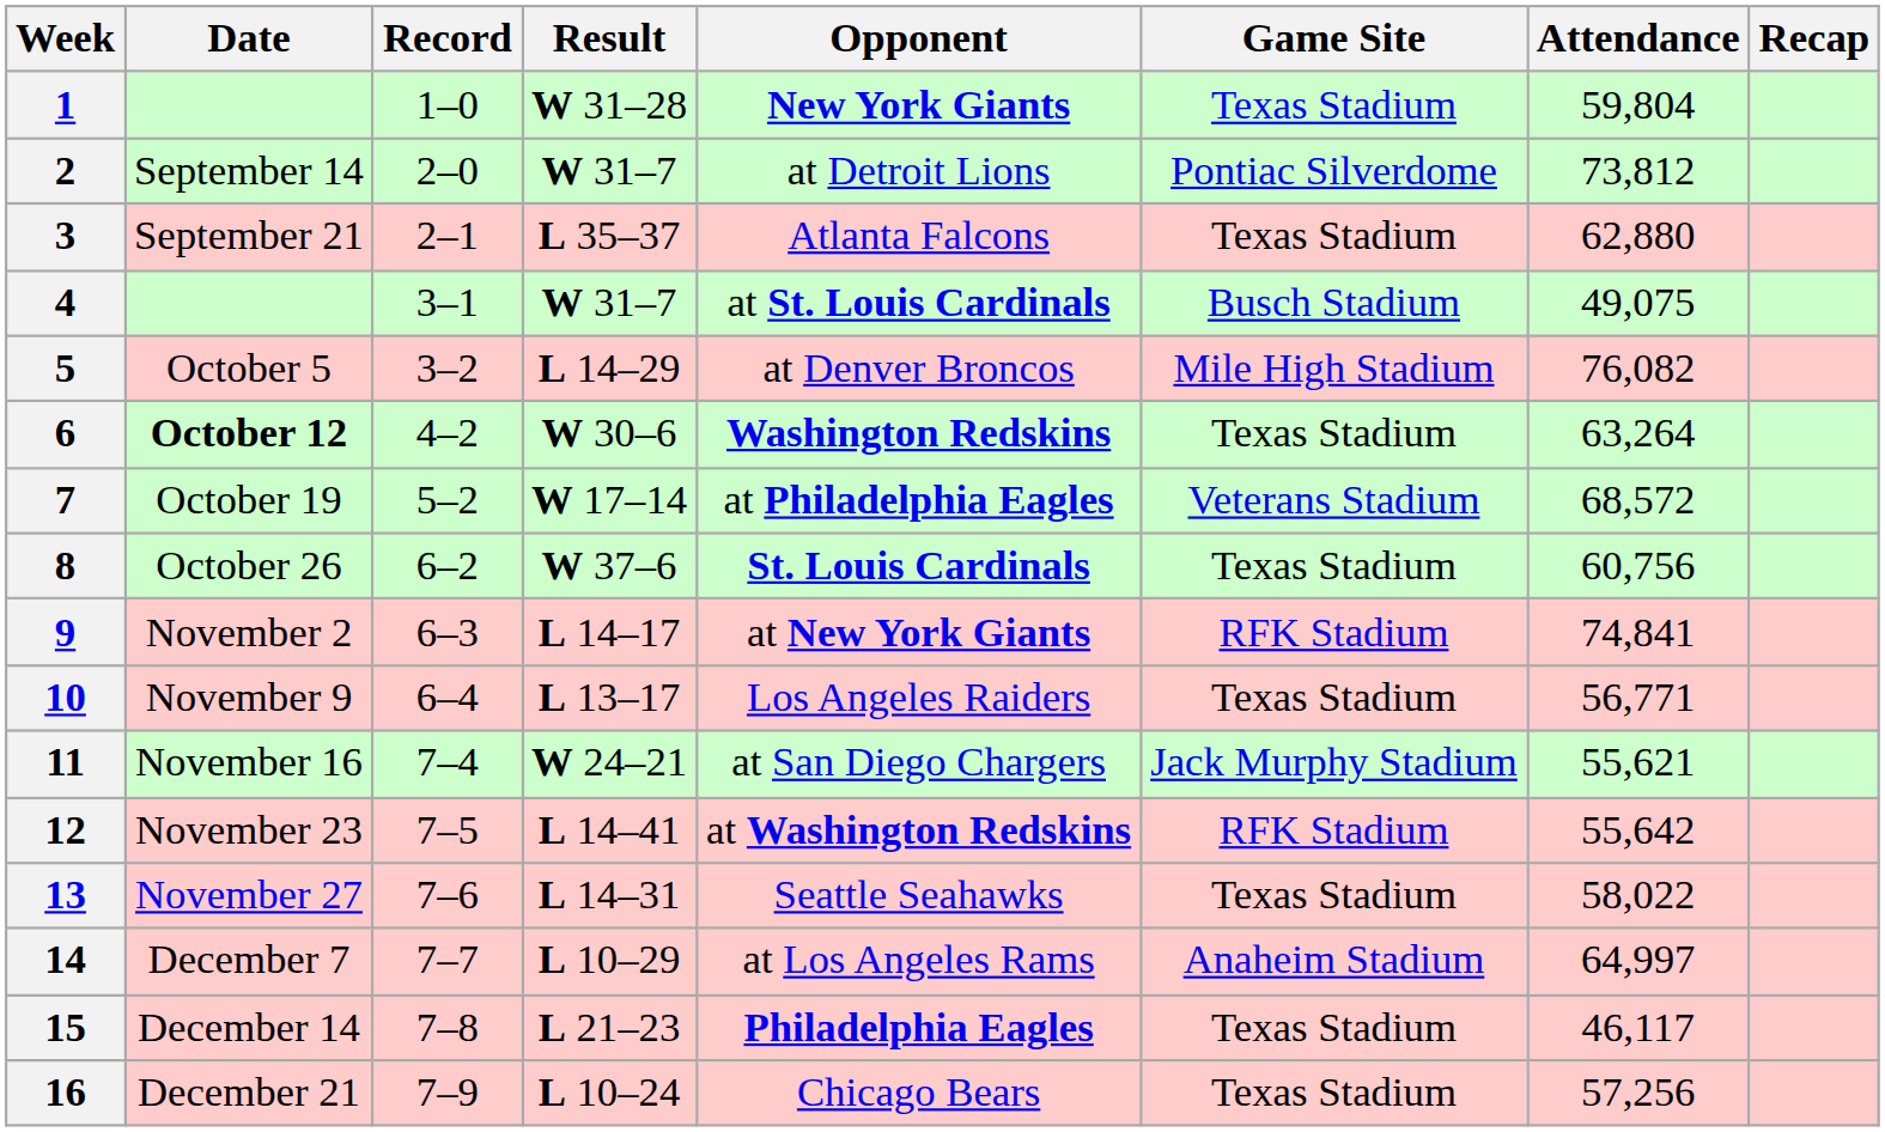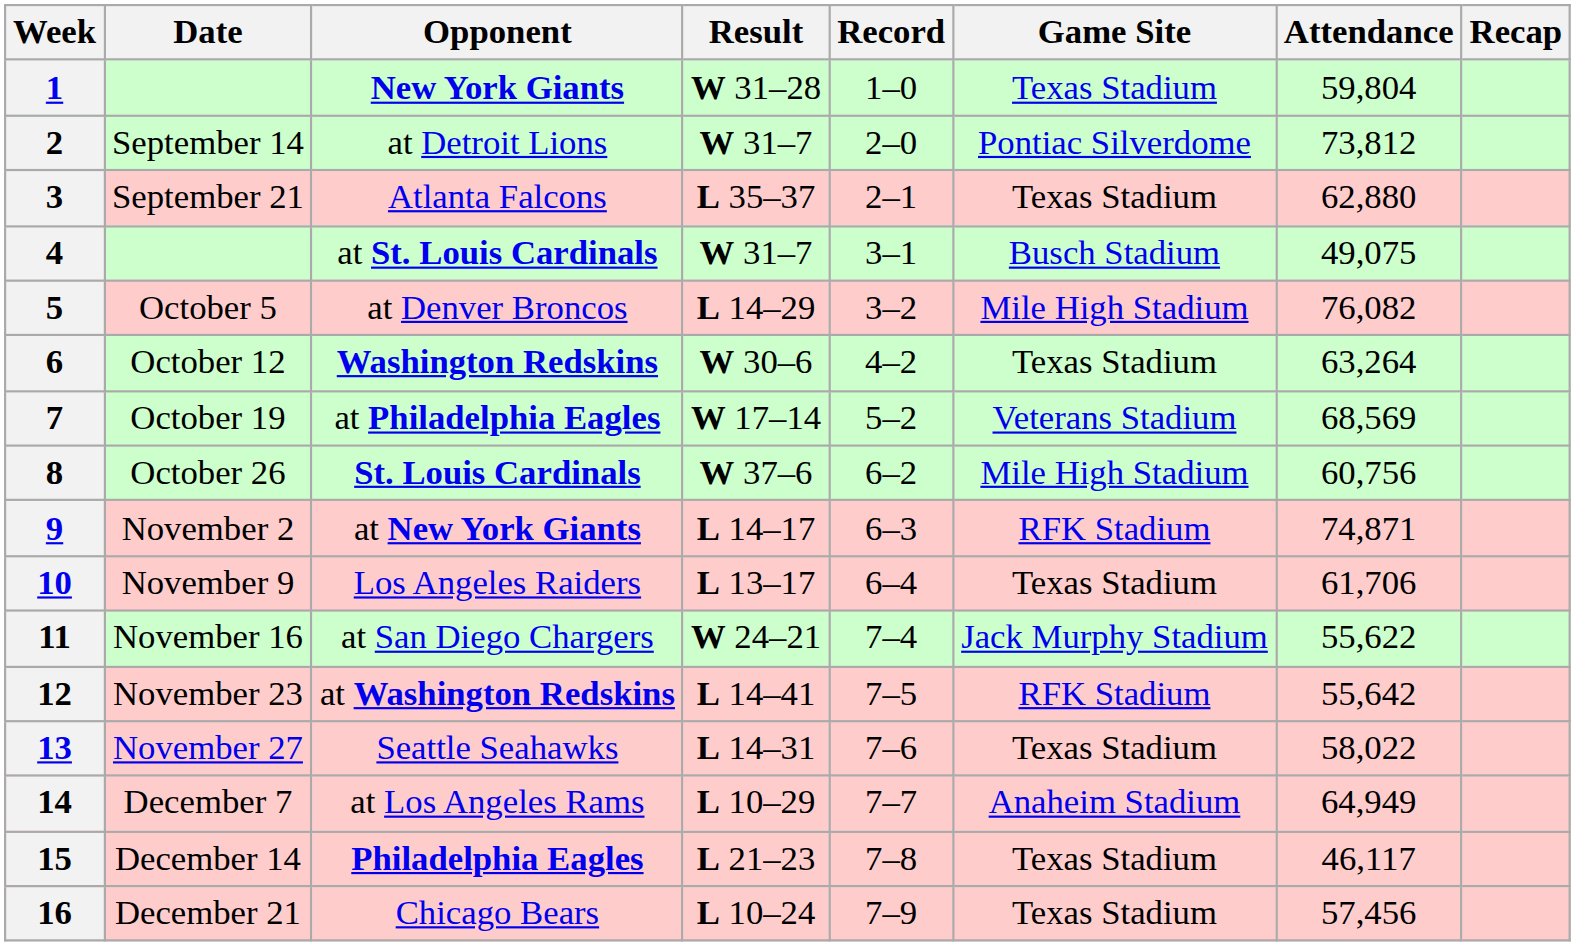 <table class="wikitable" style="text-align:center">
 <tr>
 <th>Week</th>
 <th>Date</th>
+<th>Opponent</th>
+<th>Result</th>
 <th>Record</th>
-<th>Result</th>
-<th>Opponent</th>
 <th>Game Site</th>
 <th>Attendance</th>
 <th>Recap</th>
 </tr>
 <tr style="background: #cfc">
 <th><a href='#'>1</a></th>
 <td></td>
+<td><strong><a href='#'>New York Giants</a></strong></td>
+<td><strong>W</strong> 31–28</td>
 <td>1–0</td>
-<td><strong>W</strong> 31–28</td>
-<td><strong><a href='#'>New York Giants</a></strong></td>
 <td><a href='#'>Texas Stadium</a></td>
 <td>59,804</td>
 <td></td>
 </tr>
 <tr style="background: #cfc">
 <th>2</th>
 <td>September 14</td>
+<td>at <a href='#'>Detroit Lions</a></td>
+<td><strong>W</strong> 31–7</td>
 <td>2–0</td>
-<td><strong>W</strong> 31–7</td>
-<td>at <a href='#'>Detroit Lions</a></td>
 <td><a href='#'>Pontiac Silverdome</a></td>
 <td>73,812</td>
 <td></td>
 </tr>
 <tr style="background: #fcc">
 <th>3</th>
 <td>September 21</td>
+<td><a href='#'>Atlanta Falcons</a></td>
+<td><strong>L</strong> 35–37</td>
 <td>2–1</td>
-<td><strong>L</strong> 35–37</td>
-<td><a href='#'>Atlanta Falcons</a></td>
 <td>Texas Stadium</td>
 <td>62,880</td>
 <td></td>
 </tr>
 <tr style="background: #cfc">
 <th>4</th>
 <td></td>
+<td>at <strong><a href='#'>St. Louis Cardinals</a></strong></td>
+<td><strong>W</strong> 31–7</td>
 <td>3–1</td>
-<td><strong>W</strong> 31–7</td>
-<td>at <strong><a href='#'>St. Louis Cardinals</a></strong></td>
 <td><a href='#'>Busch Stadium</a></td>
 <td>49,075</td>
 <td></td>
 </tr>
 <tr style="background: #fcc">
 <th>5</th>
 <td>October 5</td>
+<td>at <a href='#'>Denver Broncos</a></td>
+<td><strong>L</strong> 14–29</td>
 <td>3–2</td>
-<td><strong>L</strong> 14–29</td>
-<td>at <a href='#'>Denver Broncos</a></td>
 <td><a href='#'>Mile High Stadium</a></td>
 <td>76,082</td>
 <td></td>
 </tr>
 <tr style="background: #cfc">
 <th>6</th>
-<td><strong>October 12</strong></td>
+<td>October 12</td>
+<td><strong><a href='#'>Washington Redskins</a></strong></td>
+<td><strong>W</strong> 30–6</td>
 <td>4–2</td>
-<td><strong>W</strong> 30–6</td>
-<td><strong><a href='#'>Washington Redskins</a></strong></td>
 <td>Texas Stadium</td>
 <td>63,264</td>
 <td></td>
 </tr>
 <tr style="background: #cfc">
 <th>7</th>
 <td>October 19</td>
+<td>at <strong><a href='#'>Philadelphia Eagles</a></strong></td>
+<td><strong>W</strong> 17–14</td>
 <td>5–2</td>
-<td><strong>W</strong> 17–14</td>
-<td>at <strong><a href='#'>Philadelphia Eagles</a></strong></td>
 <td><a href='#'>Veterans Stadium</a></td>
-<td>68,572</td>
+<td>68,569</td>
 <td></td>
 </tr>
 <tr style="background: #cfc">
 <th>8</th>
 <td>October 26</td>
+<td><strong><a href='#'>St. Louis Cardinals</a></strong></td>
+<td><strong>W</strong> 37–6</td>
 <td>6–2</td>
-<td><strong>W</strong> 37–6</td>
-<td><strong><a href='#'>St. Louis Cardinals</a></strong></td>
-<td>Texas Stadium</td>
+<td><a href='#'>Mile High Stadium</a></td>
 <td>60,756</td>
 <td></td>
 </tr>
 <tr style="background: #fcc">
 <th><a href='#'>9</a></th>
 <td>November 2</td>
+<td>at <strong><a href='#'>New York Giants</a></strong></td>
+<td><strong>L</strong> 14–17</td>
 <td>6–3</td>
-<td><strong>L</strong> 14–17</td>
-<td>at <strong><a href='#'>New York Giants</a></strong></td>
 <td><a href='#'>RFK Stadium</a></td>
-<td>74,841</td>
+<td>74,871</td>
 <td></td>
 </tr>
 <tr style="background: #fcc">
 <th><a href='#'>10</a></th>
 <td>November 9</td>
+<td><a href='#'>Los Angeles Raiders</a></td>
+<td><strong>L</strong> 13–17</td>
 <td>6–4</td>
-<td><strong>L</strong> 13–17</td>
-<td><a href='#'>Los Angeles Raiders</a></td>
 <td>Texas Stadium</td>
-<td>56,771</td>
+<td>61,706</td>
 <td></td>
 </tr>
 <tr style="background: #cfc">
 <th>11</th>
 <td>November 16</td>
+<td>at <a href='#'>San Diego Chargers</a></td>
+<td><strong>W</strong> 24–21</td>
 <td>7–4</td>
-<td><strong>W</strong> 24–21</td>
-<td>at <a href='#'>San Diego Chargers</a></td>
 <td><a href='#'>Jack Murphy Stadium</a></td>
-<td>55,621</td>
+<td>55,622</td>
 <td></td>
 </tr>
 <tr style="background: #fcc">
 <th>12</th>
 <td>November 23</td>
+<td>at <strong><a href='#'>Washington Redskins</a></strong></td>
+<td><strong>L</strong> 14–41</td>
 <td>7–5</td>
-<td><strong>L</strong> 14–41</td>
-<td>at <strong><a href='#'>Washington Redskins</a></strong></td>
 <td><a href='#'>RFK Stadium</a></td>
 <td>55,642</td>
 <td></td>
 </tr>
 <tr style="background: #fcc">
 <th><a href='#'>13</a></th>
 <td><a href='#'>November 27</a></td>
+<td><a href='#'>Seattle Seahawks</a></td>
+<td><strong>L</strong> 14–31</td>
 <td>7–6</td>
-<td><strong>L</strong> 14–31</td>
-<td><a href='#'>Seattle Seahawks</a></td>
 <td>Texas Stadium</td>
 <td>58,022</td>
 <td></td>
 </tr>
 <tr style="background: #fcc">
 <th>14</th>
 <td>December 7</td>
+<td>at <a href='#'>Los Angeles Rams</a></td>
+<td><strong>L</strong> 10–29</td>
 <td>7–7</td>
-<td><strong>L</strong> 10–29</td>
-<td>at <a href='#'>Los Angeles Rams</a></td>
 <td><a href='#'>Anaheim Stadium</a></td>
-<td>64,997</td>
+<td>64,949</td>
 <td></td>
 </tr>
 <tr style="background: #fcc">
 <th>15</th>
 <td>December 14</td>
+<td><strong><a href='#'>Philadelphia Eagles</a></strong></td>
+<td><strong>L</strong> 21–23</td>
 <td>7–8</td>
-<td><strong>L</strong> 21–23</td>
-<td><strong><a href='#'>Philadelphia Eagles</a></strong></td>
 <td>Texas Stadium</td>
 <td>46,117</td>
 <td></td>
 </tr>
 <tr style="background: #fcc">
 <th>16</th>
 <td>December 21</td>
+<td><a href='#'>Chicago Bears</a></td>
+<td><strong>L</strong> 10–24</td>
 <td>7–9</td>
-<td><strong>L</strong> 10–24</td>
-<td><a href='#'>Chicago Bears</a></td>
 <td>Texas Stadium</td>
-<td>57,256</td>
+<td>57,456</td>
 <td></td>
 </tr>
 </table>
